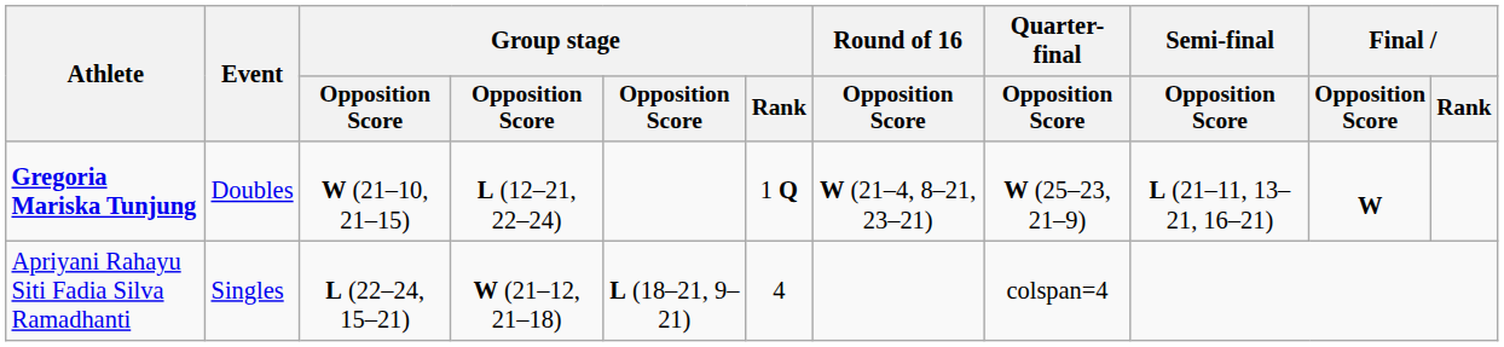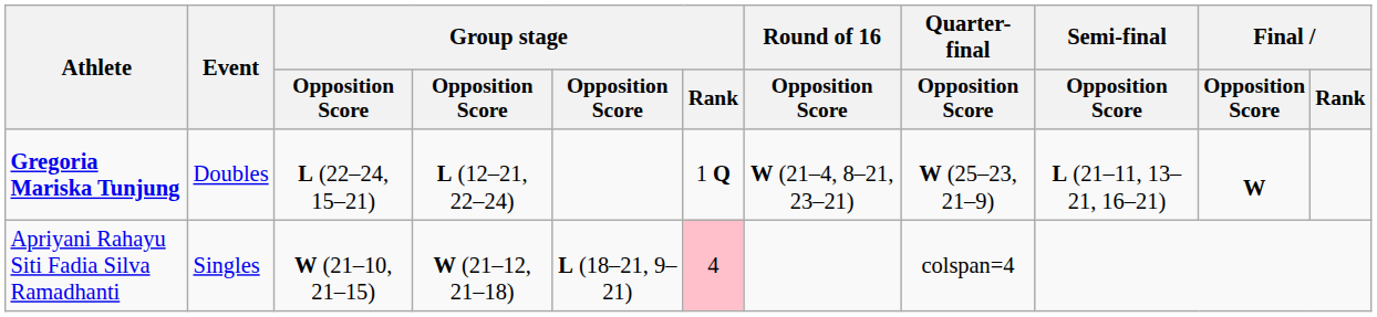 <table class="wikitable" style="font-size:90%">
 <tr>
 <th rowspan="2">Athlete</th>
 <th rowspan="2">Event</th>
 <th colspan="4">Group stage</th>
 <th>Round of 16</th>
 <th>Quarter-final</th>
 <th>Semi-final</th>
 <th colspan="2">Final / </th>
 </tr>
 <tr style="font-size:95%">
 <th>Opposition<br>Score</th>
 <th>Opposition<br>Score</th>
 <th>Opposition<br>Score</th>
 <th>Rank</th>
 <th>Opposition<br>Score</th>
 <th>Opposition<br>Score</th>
 <th>Opposition<br>Score</th>
 <th>Opposition<br>Score</th>
 <th>Rank</th>
 </tr>
 <tr align="center">
 <td align="left"><strong><a href='#'>Gregoria Mariska Tunjung</a></strong></td>
 <td align="left"><a href='#'>Doubles</a></td>
-<td><br><strong>W</strong> (21–10, 21–15)</td>
+<td><br><strong>L</strong> (22–24, 15–21)</td>
 <td><br><strong>L</strong> (12–21, 22–24)</td>
 <td></td>
 <td>1 <strong>Q</strong></td>
 <td><br><strong>W</strong> (21–4, 8–21, 23–21)</td>
 <td><br><strong>W</strong> (25–23, 21–9)</td>
 <td><br><strong>L</strong> (21–11, 13–21, 16–21)</td>
 <td><br><strong>W</strong> </td>
 <td></td>
 </tr>
 <tr align="center">
 <td align="left"><a href='#'>Apriyani Rahayu</a><br><a href='#'>Siti Fadia Silva Ramadhanti</a></td>
 <td align="left"><a href='#'>Singles</a></td>
-<td><br><strong>L</strong> (22–24, 15–21)</td>
+<td><br><strong>W</strong> (21–10, 21–15)</td>
 <td><br><strong>W</strong> (21–12, 21–18)</td>
 <td><br><strong>L</strong> (18–21, 9–21)</td>
-<td>4</td>
+<td style="background: pink;">4</td>
 <td></td>
 <td>colspan=4 </td>
 </tr>
 </table>
